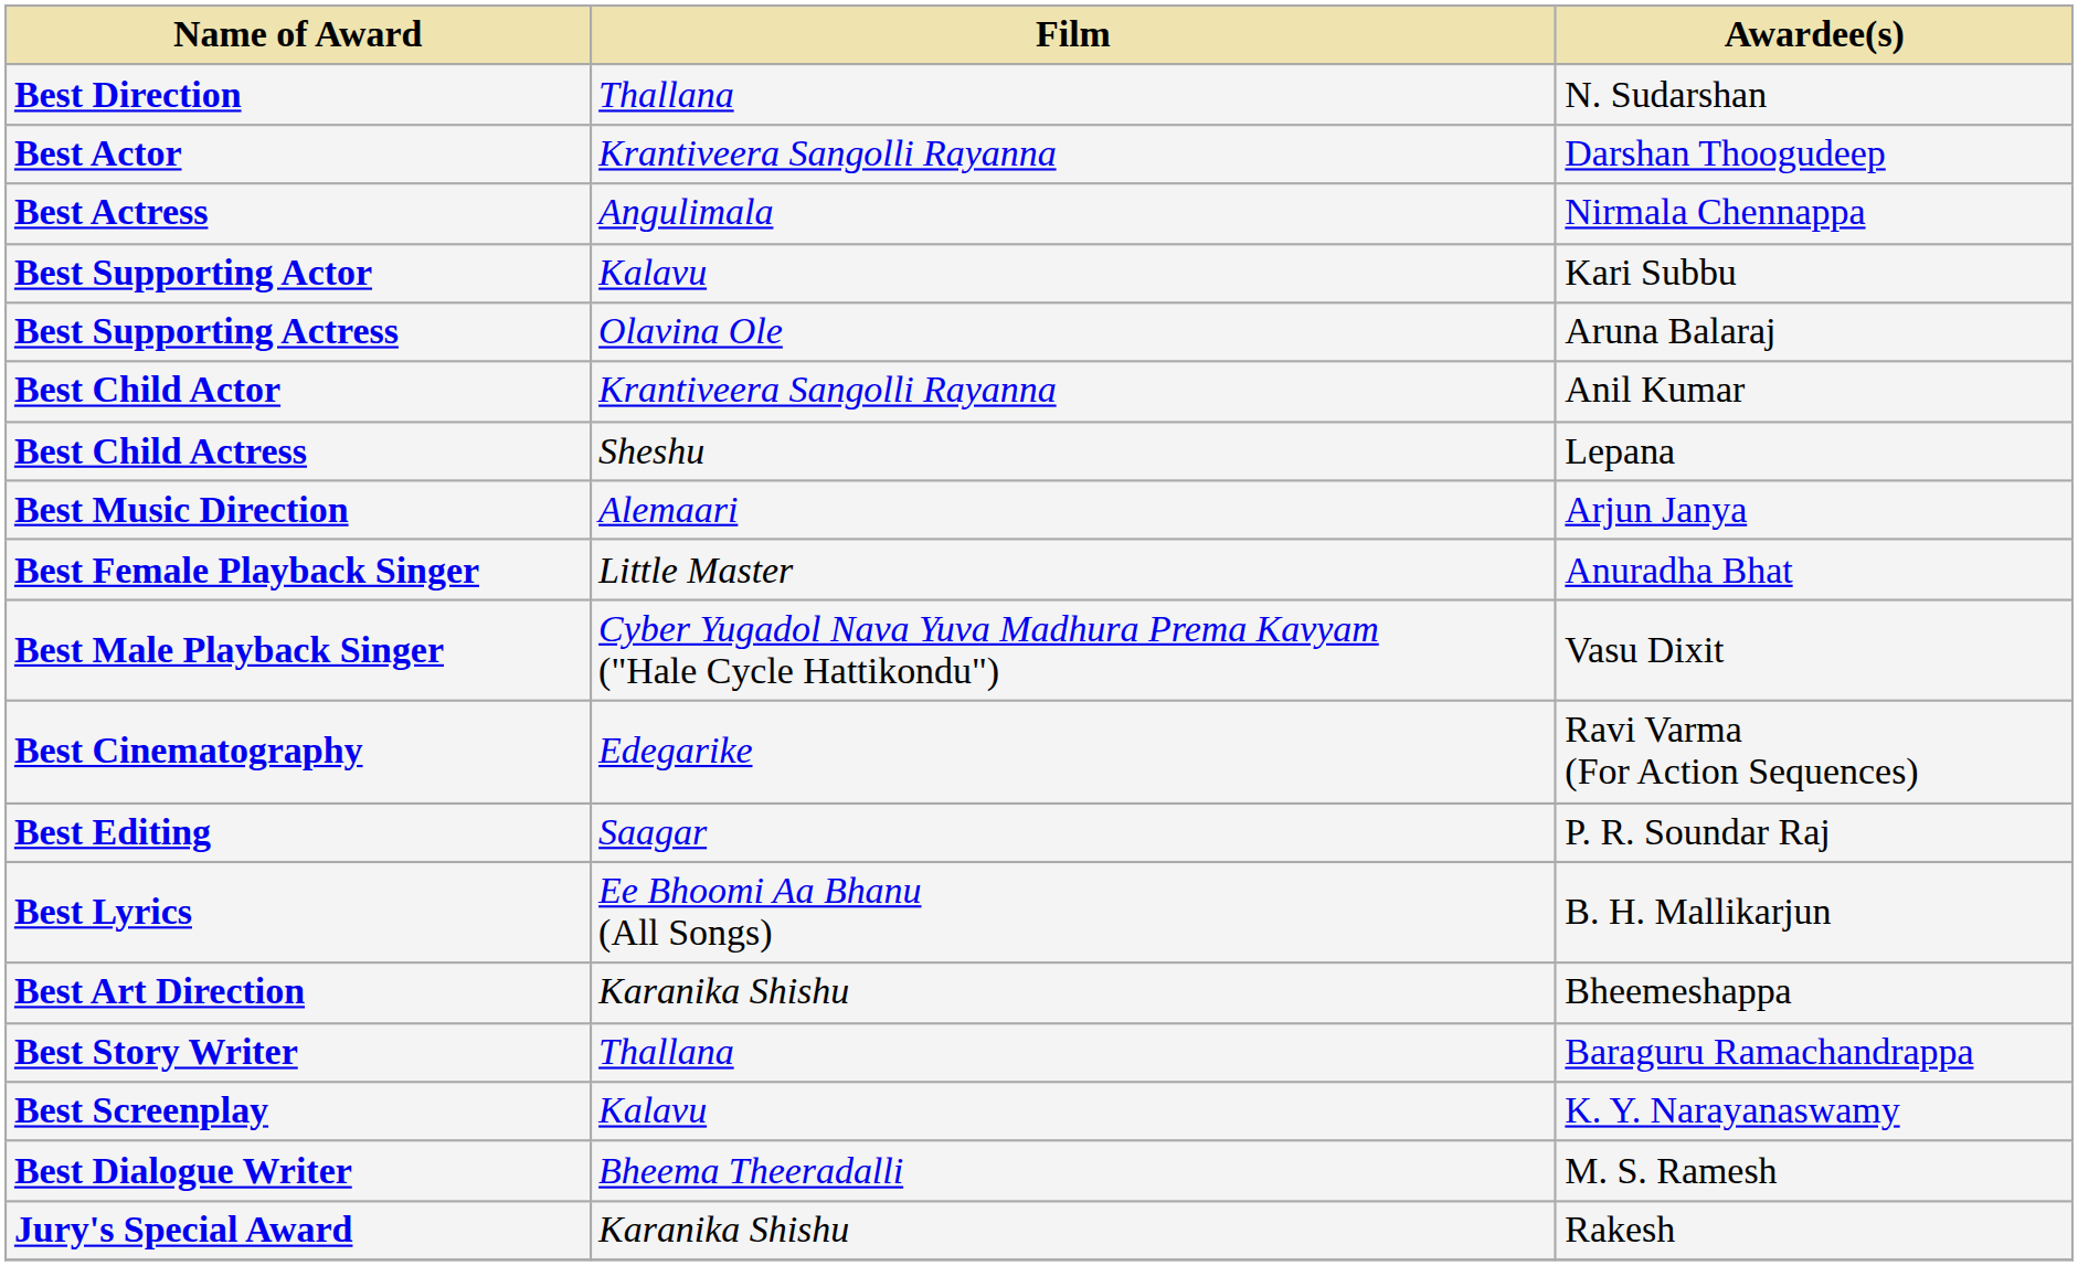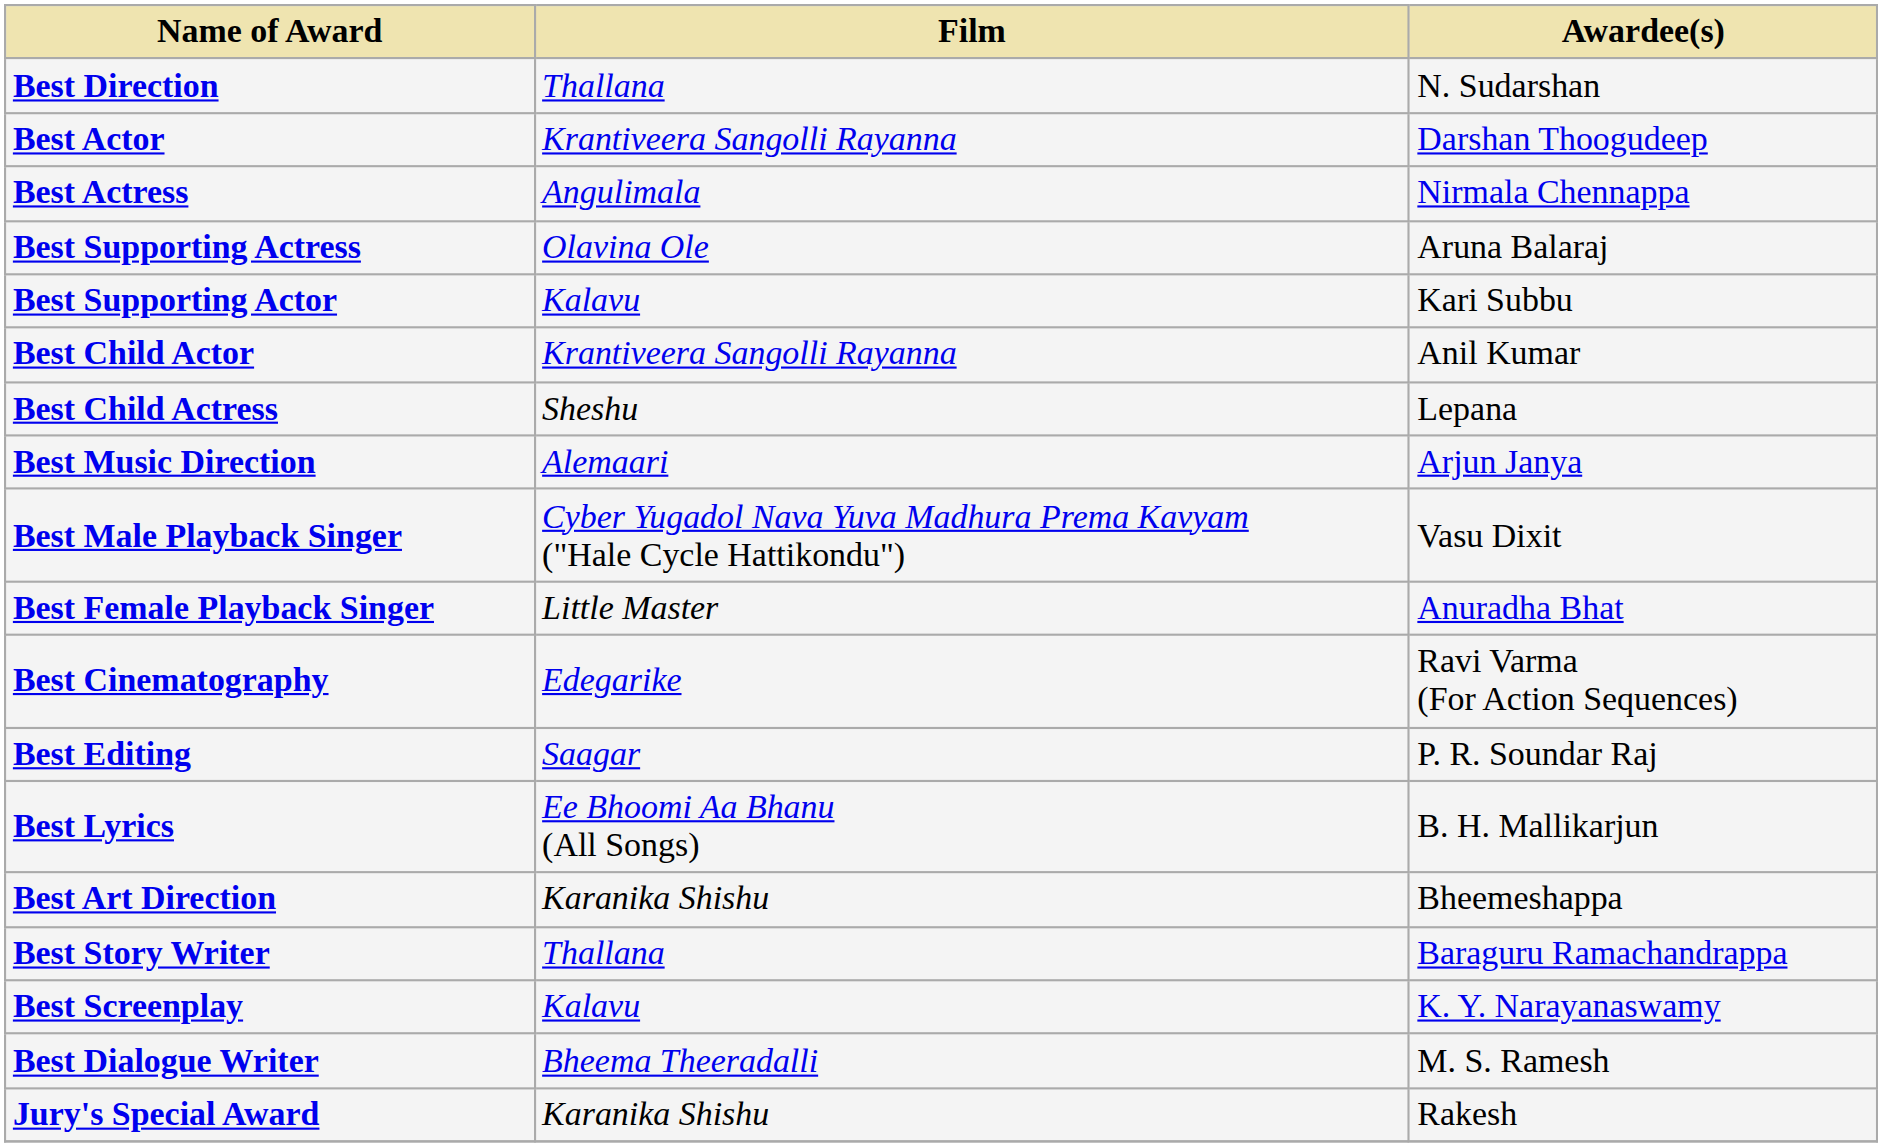 <table class="wikitable" style="width:100%;">
 <tr>
 <th style="background-color:#EFE4B0;">Name of Award</th>
 <th style="background-color:#EFE4B0;">Film</th>
 <th style="background-color:#EFE4B0;">Awardee(s)</th>
 </tr>
 <tr style="background-color:#F4F4F4">
 <td><strong><a href='#'>Best Direction</a></strong></td>
 <td><em><a href='#'>Thallana</a></em></td>
 <td>N. Sudarshan</td>
 </tr>
 <tr style="background-color:#F4F4F4">
 <td><strong><a href='#'>Best Actor</a></strong></td>
 <td><em><a href='#'>Krantiveera Sangolli Rayanna</a></em></td>
 <td><a href='#'>Darshan Thoogudeep</a></td>
 </tr>
 <tr style="background-color:#F4F4F4">
 <td><strong><a href='#'>Best Actress</a></strong></td>
 <td><em><a href='#'>Angulimala</a></em></td>
 <td><a href='#'>Nirmala Chennappa</a></td>
 </tr>
 <tr style="background-color:#F4F4F4">
+<td><strong><a href='#'>Best Supporting Actress</a></strong></td>
+<td><em><a href='#'>Olavina Ole</a></em></td>
+<td>Aruna Balaraj</td>
+</tr>
+<tr style="background-color:#F4F4F4">
 <td><strong><a href='#'>Best Supporting Actor</a></strong></td>
 <td><em><a href='#'>Kalavu</a></em></td>
 <td>Kari Subbu</td>
-</tr>
-<tr style="background-color:#F4F4F4">
-<td><strong><a href='#'>Best Supporting Actress</a></strong></td>
-<td><em><a href='#'>Olavina Ole</a></em></td>
-<td>Aruna Balaraj</td>
 </tr>
 <tr style="background-color:#F4F4F4">
 <td><strong><a href='#'>Best Child Actor</a></strong></td>
 <td><em><a href='#'>Krantiveera Sangolli Rayanna</a></em></td>
 <td>Anil Kumar</td>
 </tr>
 <tr style="background-color:#F4F4F4">
 <td><strong><a href='#'>Best Child Actress</a></strong></td>
 <td><em>Sheshu</em></td>
 <td>Lepana</td>
 </tr>
 <tr style="background-color:#F4F4F4">
 <td><strong><a href='#'>Best Music Direction</a></strong></td>
 <td><em><a href='#'>Alemaari</a></em></td>
 <td><a href='#'>Arjun Janya</a></td>
 </tr>
 <tr style="background-color:#F4F4F4">
+<td><strong><a href='#'>Best Male Playback Singer</a></strong></td>
+<td><em><a href='#'>Cyber Yugadol Nava Yuva Madhura Prema Kavyam</a></em> <br>("Hale Cycle Hattikondu")</td>
+<td>Vasu Dixit</td>
+</tr>
+<tr style="background-color:#F4F4F4">
 <td><strong><a href='#'>Best Female Playback Singer</a></strong></td>
 <td><em>Little Master</em></td>
 <td><a href='#'>Anuradha Bhat</a></td>
-</tr>
-<tr style="background-color:#F4F4F4">
-<td><strong><a href='#'>Best Male Playback Singer</a></strong></td>
-<td><em><a href='#'>Cyber Yugadol Nava Yuva Madhura Prema Kavyam</a></em> <br>("Hale Cycle Hattikondu")</td>
-<td>Vasu Dixit</td>
 </tr>
 <tr style="background-color:#F4F4F4">
 <td><strong><a href='#'>Best Cinematography</a></strong></td>
 <td><em><a href='#'>Edegarike</a></em></td>
 <td>Ravi Varma<br>(For Action Sequences)</td>
 </tr>
 <tr style="background-color:#F4F4F4">
 <td><strong><a href='#'>Best Editing</a></strong></td>
 <td><em><a href='#'>Saagar</a></em></td>
 <td>P. R. Soundar Raj</td>
 </tr>
 <tr style="background-color:#F4F4F4">
 <td><strong><a href='#'>Best Lyrics</a></strong></td>
 <td><em><a href='#'>Ee Bhoomi Aa Bhanu</a></em> <br>(All Songs)</td>
 <td>B. H. Mallikarjun</td>
 </tr>
 <tr style="background-color:#F4F4F4">
 <td><strong><a href='#'>Best Art Direction</a></strong></td>
 <td><em>Karanika Shishu</em></td>
 <td>Bheemeshappa</td>
 </tr>
 <tr style="background-color:#F4F4F4">
 <td><strong><a href='#'>Best Story Writer</a></strong></td>
 <td><em><a href='#'>Thallana</a></em></td>
 <td><a href='#'>Baraguru Ramachandrappa</a></td>
 </tr>
 <tr style="background-color:#F4F4F4">
 <td><strong><a href='#'>Best Screenplay</a></strong></td>
 <td><em><a href='#'>Kalavu</a></em></td>
 <td><a href='#'>K. Y. Narayanaswamy</a></td>
 </tr>
 <tr style="background-color:#F4F4F4">
 <td><strong><a href='#'>Best Dialogue Writer</a></strong></td>
 <td><em><a href='#'>Bheema Theeradalli</a></em></td>
 <td>M. S. Ramesh</td>
 </tr>
 <tr style="background-color:#F4F4F4">
 <td><strong><a href='#'>Jury's Special Award</a></strong></td>
 <td><em>Karanika Shishu</em></td>
 <td>Rakesh</td>
 </tr>
 <tr style="background-color:#F4F4F4">
 </tr>
 </table>
